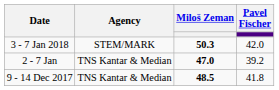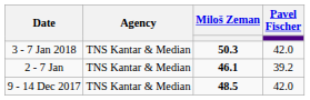 <table class="wikitable collapsible collapsed" style=text-align:center>
 <tr>
 <th rowspan="2">Date</th>
 <th rowspan="2">Agency</th>
 <th><a href='#'>Miloš Zeman</a></th>
 <th><a href='#'>Pavel Fischer</a></th>
 </tr>
 <tr>
 <th style="background:"></th>
 <th style="background:#4b0082; width:40px;"></th>
 </tr>
 <tr>
 <td>3 - 7 Jan 2018</td>
-<td>STEM/MARK</td>
+<td>TNS Kantar & Median</td>
 <td><strong>50.3</strong></td>
 <td>42.0</td>
 </tr>
 <tr>
 <td>2 - 7 Jan</td>
 <td>TNS Kantar & Median</td>
-<td><strong>47.0</strong></td>
+<td><strong>46.1</strong></td>
 <td>39.2</td>
 </tr>
 <tr>
 <td>9 - 14 Dec 2017</td>
 <td>TNS Kantar & Median</td>
 <td><strong>48.5</strong></td>
-<td>41.8</td>
+<td>42.0</td>
 </tr>
 </table>
